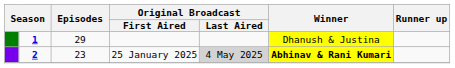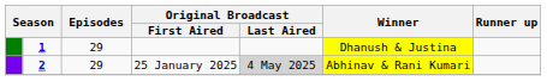 <table class="wikitable" style="text-align:center">
 <tr>
 <th style="padding: 0 8px" colspan="2" rowspan="2">Season</th>
 <th style="padding: 0 8px" rowspan="2">Episodes</th>
 <th colspan="2">Original Broadcast</th>
 <th rowspan="2">Winner</th>
 <th rowspan="2">Runner up</th>
 </tr>
 <tr>
 <th style="padding: 0 8px">First Aired</th>
 <th style="padding: 0 8px">Last Aired</th>
 </tr>
 <tr>
 <td style="background:green"></td>
 <td align="center"><strong><a href='#'>1</a></strong></td>
 <td align="center">29</td>
 <td align="center"></td>
 <td></td>
 <td style="background:yellow;">Dhanush & Justina</td>
 <td></td>
 </tr>
 <tr>
 <td style="background:#7600EC"></td>
 <td align="center"><strong><a href='#'>2</a></strong></td>
-<td align="center">23</td>
+<td align="center">29</td>
 <td align="center">25 January 2025</td>
 <td style="background: lightgrey;">4 May 2025</td>
-<td style="background:yellow;"><strong>Abhinav & Rani Kumari</strong></td>
+<td style="background:yellow;">Abhinav & Rani Kumari</td>
 <td></td>
 </tr>
 <tr>
 </tr>
 </table>
